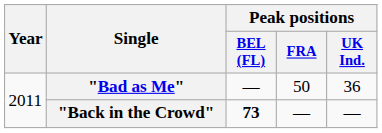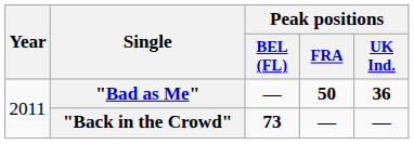 <table class="wikitable plainrowheaders">
 <tr>
 <th rowspan="2">Year</th>
 <th style="width:160px;" rowspan="2">Single</th>
 <th colspan="3">Peak positions</th>
 </tr>
 <tr>
 <th style="width:3em;font-size:85%"><a href='#'>BEL<br>(FL)</a><br></th>
 <th style="width:3em;font-size:85%"><a href='#'>FRA</a><br></th>
 <th style="width:3em;font-size:85%"><a href='#'>UK Ind.</a><br></th>
 </tr>
 <tr>
 <td rowspan="2">2011</td>
 <th scope="row">"<a href='#'>Bad as Me</a>"</th>
 <td align="center">—</td>
-<td align="center">50</td>
-<td align="center">36</td>
+<td align="center"><strong>50</strong></td>
+<td align="center"><strong>36</strong></td>
 </tr>
 <tr>
 <th scope="row">"Back in the Crowd"</th>
 <td align="center"><strong>73</strong></td>
 <td align="center">—</td>
 <td align="center">—</td>
 </tr>
 </table>
